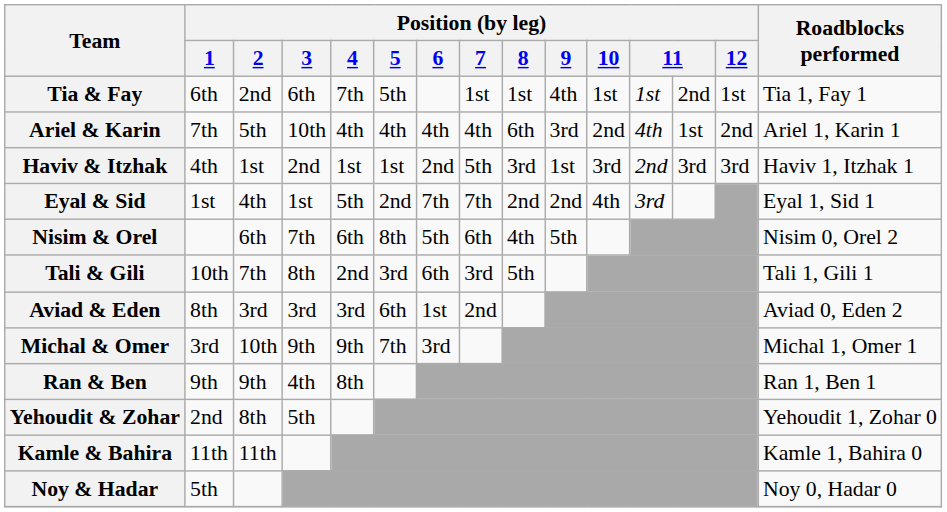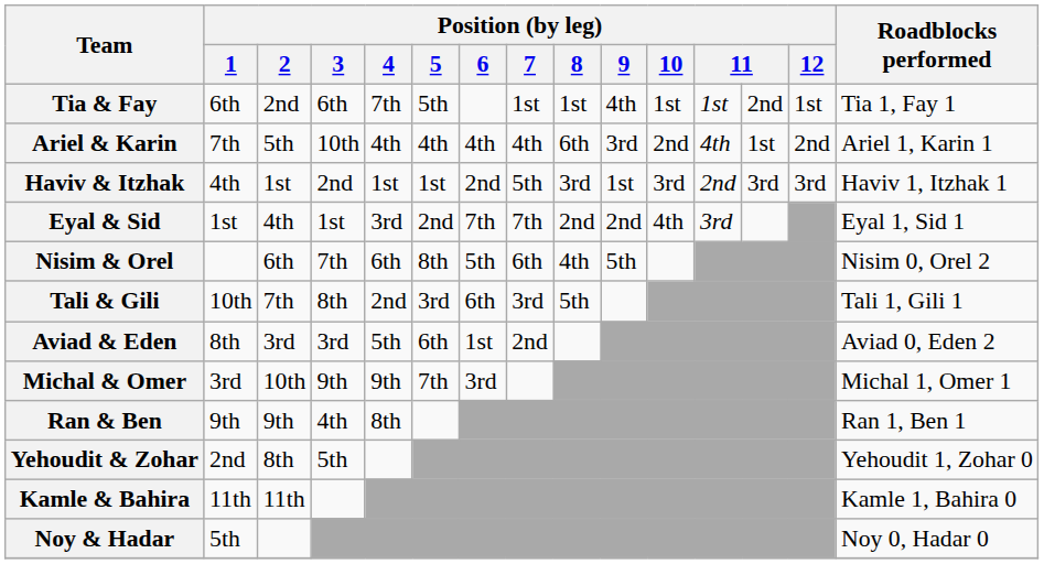 <table class=wikitable style="white-space:nowrap; font-size:95%;">
 <tr>
 <th rowspan=2>Team</th>
 <th colspan=13>Position (by leg)</th>
 <th rowspan=2>Roadblocks<br>performed</th>
 </tr>
 <tr>
 <th><a href='#'>1</a></th>
 <th><a href='#'>2</a></th>
 <th><a href='#'>3</a></th>
 <th><a href='#'>4</a></th>
 <th><a href='#'>5</a></th>
 <th><a href='#'>6</a></th>
 <th><a href='#'>7</a></th>
 <th><a href='#'>8</a></th>
 <th><a href='#'>9</a></th>
 <th><a href='#'>10</a></th>
 <th colspan="2"><a href='#'>11</a></th>
 <th><a href='#'>12</a></th>
 </tr>
 <tr>
 <th>Tia & Fay</th>
 <td>6th</td>
 <td>2nd</td>
 <td>6th</td>
 <td>7th</td>
 <td>5th</td>
 <td></td>
 <td>1st</td>
 <td>1st</td>
 <td>4th</td>
 <td>1st</td>
 <td><em>1st</em></td>
 <td>2nd</td>
 <td>1st</td>
 <td>Tia 1, Fay 1</td>
 </tr>
 <tr>
 <th>Ariel & Karin</th>
 <td>7th</td>
 <td>5th</td>
 <td>10th</td>
 <td>4th</td>
 <td>4th</td>
 <td>4th</td>
 <td>4th</td>
 <td>6th</td>
 <td>3rd</td>
 <td>2nd</td>
 <td><em>4th</em></td>
 <td>1st</td>
 <td>2nd</td>
 <td>Ariel 1, Karin 1</td>
 </tr>
 <tr>
 <th>Haviv & Itzhak</th>
 <td>4th</td>
 <td>1st</td>
 <td>2nd</td>
 <td>1st</td>
 <td>1st</td>
 <td>2nd</td>
 <td>5th</td>
 <td>3rd</td>
 <td>1st</td>
 <td>3rd</td>
 <td><em>2nd</em></td>
 <td>3rd</td>
 <td>3rd</td>
 <td>Haviv 1, Itzhak 1</td>
 </tr>
 <tr>
 <th>Eyal & Sid</th>
 <td>1st</td>
 <td>4th</td>
 <td>1st</td>
-<td>5th</td>
+<td>3rd</td>
 <td>2nd</td>
 <td>7th</td>
 <td>7th</td>
 <td>2nd</td>
 <td>2nd</td>
 <td>4th</td>
 <td><em>3rd</em></td>
 <td></td>
 <td bgcolor="darkgray"></td>
 <td>Eyal 1, Sid 1</td>
 </tr>
 <tr>
 <th>Nisim & Orel</th>
 <td></td>
 <td>6th</td>
 <td>7th</td>
 <td>6th</td>
 <td>8th</td>
 <td>5th</td>
 <td>6th</td>
 <td>4th</td>
 <td>5th</td>
 <td></td>
 <td colspan="3" bgcolor="darkgray"></td>
 <td>Nisim 0, Orel 2</td>
 </tr>
 <tr>
 <th>Tali & Gili</th>
 <td>10th</td>
 <td>7th</td>
 <td>8th</td>
 <td>2nd</td>
 <td>3rd</td>
 <td>6th</td>
 <td>3rd</td>
 <td>5th</td>
 <td></td>
 <td colspan="4" bgcolor="darkgray"></td>
 <td>Tali 1, Gili 1</td>
 </tr>
 <tr>
 <th>Aviad & Eden</th>
 <td>8th</td>
 <td>3rd</td>
 <td>3rd</td>
-<td>3rd</td>
+<td>5th</td>
 <td>6th</td>
 <td>1st</td>
 <td>2nd</td>
 <td></td>
 <td colspan="5" bgcolor="darkgray"></td>
 <td>Aviad 0, Eden 2</td>
 </tr>
 <tr>
 <th>Michal & Omer</th>
 <td>3rd</td>
 <td>10th</td>
 <td>9th</td>
 <td>9th</td>
 <td>7th</td>
 <td>3rd</td>
 <td></td>
 <td colspan="6" bgcolor="darkgray"></td>
 <td>Michal 1, Omer 1</td>
 </tr>
 <tr>
 <th>Ran & Ben</th>
 <td>9th</td>
 <td>9th</td>
 <td>4th</td>
 <td>8th</td>
 <td></td>
 <td colspan="8" bgcolor="darkgray"></td>
 <td>Ran 1, Ben 1</td>
 </tr>
 <tr>
 <th>Yehoudit & Zohar</th>
 <td>2nd</td>
 <td>8th</td>
 <td>5th</td>
 <td></td>
 <td colspan="9" bgcolor="darkgray"></td>
 <td>Yehoudit 1, Zohar 0</td>
 </tr>
 <tr>
 <th>Kamle & Bahira</th>
 <td>11th</td>
 <td>11th</td>
 <td></td>
 <td colspan="10" bgcolor="darkgray"></td>
 <td>Kamle 1, Bahira 0</td>
 </tr>
 <tr>
 <th>Noy & Hadar</th>
 <td>5th</td>
 <td></td>
 <td colspan="11" bgcolor="darkgray"></td>
 <td>Noy 0, Hadar 0</td>
 </tr>
 <tr>
 </tr>
 </table>
